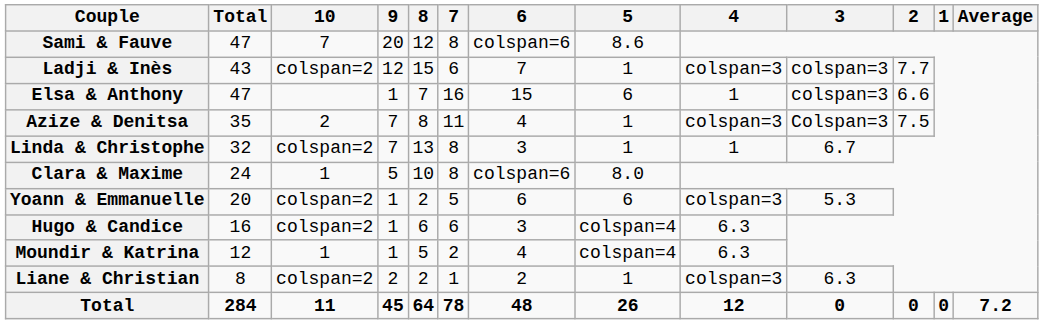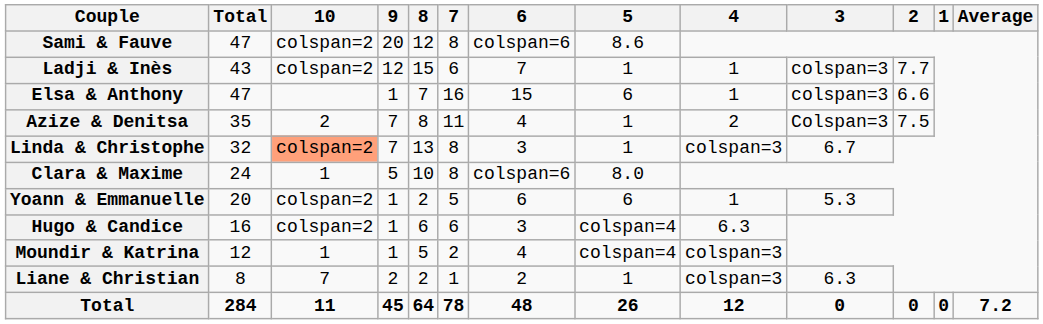 <table class="wikitable sortable collapsible" style="margin:auto; font-size:95%; line-height:12px; text-align:center">
 <tr>
 <th>Couple</th>
 <th>Total</th>
 <th>10</th>
 <th>9</th>
 <th>8</th>
 <th>7</th>
 <th>6</th>
 <th>5</th>
 <th>4</th>
 <th>3</th>
 <th>2</th>
 <th>1</th>
 <th>Average</th>
 </tr>
 <tr>
 <th>Sami & Fauve</th>
 <td>47</td>
-<td>7</td>
+<td>colspan=2 </td>
 <td>20</td>
 <td>12</td>
 <td>8</td>
 <td>colspan=6 </td>
 <td>8.6</td>
 </tr>
 <tr>
 <th>Ladji & Inès</th>
 <td>43</td>
 <td>colspan=2 </td>
 <td>12</td>
 <td>15</td>
 <td>6</td>
 <td>7</td>
 <td>1</td>
-<td>colspan=3 </td>
+<td>1</td>
 <td>colspan=3 </td>
 <td>7.7</td>
 </tr>
 <tr>
 <th>Elsa & Anthony</th>
 <td>47</td>
 <td></td>
 <td>1</td>
 <td>7</td>
 <td>16</td>
 <td>15</td>
 <td>6</td>
 <td>1</td>
 <td>colspan=3 </td>
 <td>6.6</td>
 </tr>
 <tr>
 <th>Azize & Denitsa</th>
 <td>35</td>
 <td>2</td>
 <td>7</td>
 <td>8</td>
 <td>11</td>
 <td>4</td>
 <td>1</td>
-<td>colspan=3 </td>
+<td>2</td>
 <td>Colspan=3 </td>
 <td>7.5</td>
 </tr>
 <tr>
 <th>Linda & Christophe</th>
 <td>32</td>
-<td>colspan=2 </td>
+<td style="background: lightsalmon;">colspan=2 </td>
 <td>7</td>
 <td>13</td>
 <td>8</td>
 <td>3</td>
 <td>1</td>
-<td>1</td>
+<td>colspan=3 </td>
 <td>6.7</td>
 </tr>
 <tr>
 <th>Clara & Maxime</th>
 <td>24</td>
 <td>1</td>
 <td>5</td>
 <td>10</td>
 <td>8</td>
 <td>colspan=6 </td>
 <td>8.0</td>
 </tr>
 <tr>
 <th>Yoann & Emmanuelle</th>
 <td>20</td>
 <td>colspan=2 </td>
 <td>1</td>
 <td>2</td>
 <td>5</td>
 <td>6</td>
 <td>6</td>
-<td>colspan=3 </td>
+<td>1</td>
 <td>5.3</td>
 </tr>
 <tr>
 <th>Hugo & Candice</th>
 <td>16</td>
 <td>colspan=2 </td>
 <td>1</td>
 <td>6</td>
 <td>6</td>
 <td>3</td>
 <td>colspan=4 </td>
 <td>6.3</td>
 </tr>
 <tr>
 <th>Moundir & Katrina</th>
 <td>12</td>
 <td>1</td>
 <td>1</td>
 <td>5</td>
 <td>2</td>
 <td>4</td>
 <td>colspan=4 </td>
-<td>6.3</td>
+<td>colspan=3 </td>
 </tr>
 <tr>
 <th>Liane & Christian</th>
 <td>8</td>
-<td>colspan=2 </td>
+<td>7</td>
 <td>2</td>
 <td>2</td>
 <td>1</td>
 <td>2</td>
 <td>1</td>
 <td>colspan=3 </td>
 <td>6.3</td>
 </tr>
 <tr>
 <th>Total</th>
 <td><strong>284</strong></td>
 <td><strong>11</strong></td>
 <td><strong>45</strong></td>
 <td><strong>64</strong></td>
 <td><strong>78</strong></td>
 <td><strong>48</strong></td>
 <td><strong>26</strong></td>
 <td><strong>12</strong></td>
 <td><strong>0</strong></td>
 <td><strong>0</strong></td>
 <td><strong>0</strong></td>
 <td><strong>7.2</strong></td>
 </tr>
 </table>
